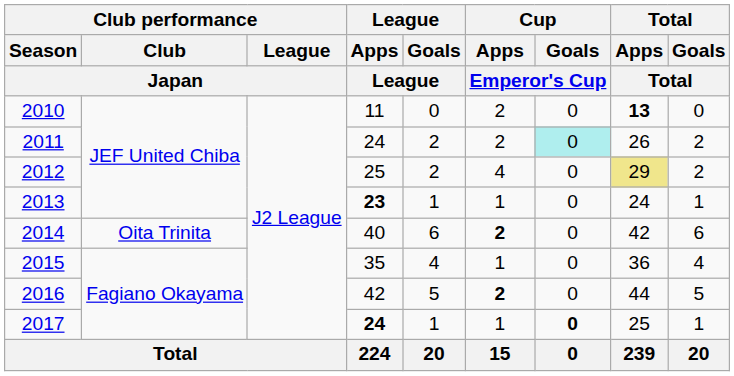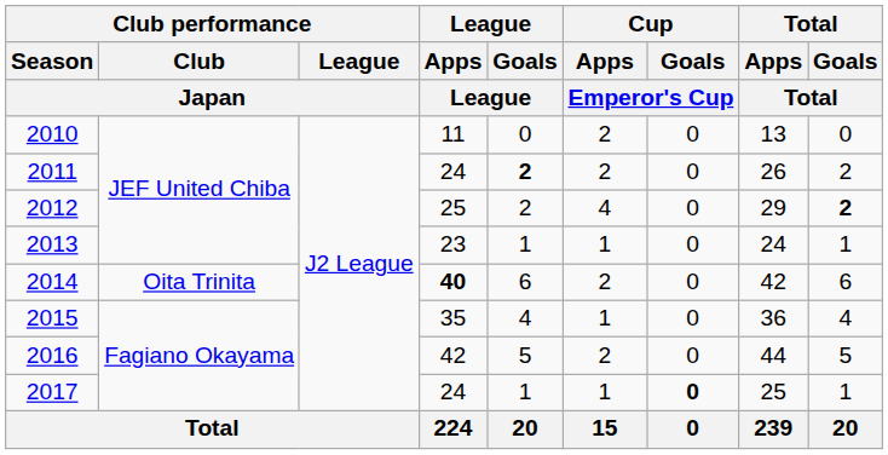 <table class="wikitable" style="text-align:center;">
 <tr>
 <th colspan=3>Club performance</th>
 <th colspan=2>League</th>
 <th colspan=2>Cup</th>
 <th colspan=2>Total</th>
 </tr>
 <tr>
 <th>Season</th>
 <th>Club</th>
 <th>League</th>
 <th>Apps</th>
 <th>Goals</th>
 <th>Apps</th>
 <th>Goals</th>
 <th>Apps</th>
 <th>Goals</th>
 </tr>
 <tr>
 <th colspan=3>Japan</th>
 <th colspan=2>League</th>
 <th colspan=2><a href='#'>Emperor's Cup</a></th>
 <th colspan=2>Total</th>
 </tr>
 <tr>
 <td><a href='#'>2010</a></td>
 <td rowspan="4"><a href='#'>JEF United Chiba</a></td>
 <td rowspan="8"><a href='#'>J2 League</a></td>
 <td>11</td>
 <td>0</td>
 <td>2</td>
 <td>0</td>
-<td><strong>13</strong></td>
+<td>13</td>
 <td>0</td>
 </tr>
 <tr>
 <td><a href='#'>2011</a></td>
 <td>24</td>
+<td><strong>2</strong></td>
 <td>2</td>
-<td>2</td>
-<td style="background: paleturquoise;">0</td>
+<td>0</td>
 <td>26</td>
 <td>2</td>
 </tr>
 <tr>
 <td><a href='#'>2012</a></td>
 <td>25</td>
 <td>2</td>
 <td>4</td>
 <td>0</td>
-<td style="background: khaki;">29</td>
-<td>2</td>
+<td>29</td>
+<td><strong>2</strong></td>
 </tr>
 <tr>
 <td><a href='#'>2013</a></td>
-<td><strong>23</strong></td>
+<td>23</td>
 <td>1</td>
 <td>1</td>
 <td>0</td>
 <td>24</td>
 <td>1</td>
 </tr>
 <tr>
 <td><a href='#'>2014</a></td>
 <td><a href='#'>Oita Trinita</a></td>
-<td>40</td>
+<td><strong>40</strong></td>
 <td>6</td>
-<td><strong>2</strong></td>
+<td>2</td>
 <td>0</td>
 <td>42</td>
 <td>6</td>
 </tr>
 <tr>
 <td><a href='#'>2015</a></td>
 <td rowspan="3"><a href='#'>Fagiano Okayama</a></td>
 <td>35</td>
 <td>4</td>
 <td>1</td>
 <td>0</td>
 <td>36</td>
 <td>4</td>
 </tr>
 <tr>
 <td><a href='#'>2016</a></td>
 <td>42</td>
 <td>5</td>
-<td><strong>2</strong></td>
+<td>2</td>
 <td>0</td>
 <td>44</td>
 <td>5</td>
 </tr>
 <tr>
 <td><a href='#'>2017</a></td>
-<td><strong>24</strong></td>
+<td>24</td>
 <td>1</td>
 <td>1</td>
 <td><strong>0</strong></td>
 <td>25</td>
 <td>1</td>
 </tr>
 <tr>
 <th colspan=3>Total</th>
 <th>224</th>
 <th>20</th>
 <th>15</th>
 <th>0</th>
 <th>239</th>
 <th>20</th>
 </tr>
 </table>
